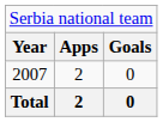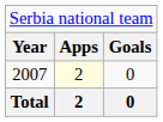 <table class="wikitable" style="text-align:center">
 <tr>
 <td colspan="3"><a href='#'>Serbia national team</a></td>
 </tr>
 <tr>
 <th>Year</th>
 <th>Apps</th>
 <th>Goals</th>
 </tr>
 <tr>
 <td>2007</td>
-<td>2</td>
+<td style="background: lightyellow;">2</td>
 <td>0</td>
 </tr>
 <tr>
 <th>Total</th>
 <th>2</th>
 <th>0</th>
 </tr>
 </table>
